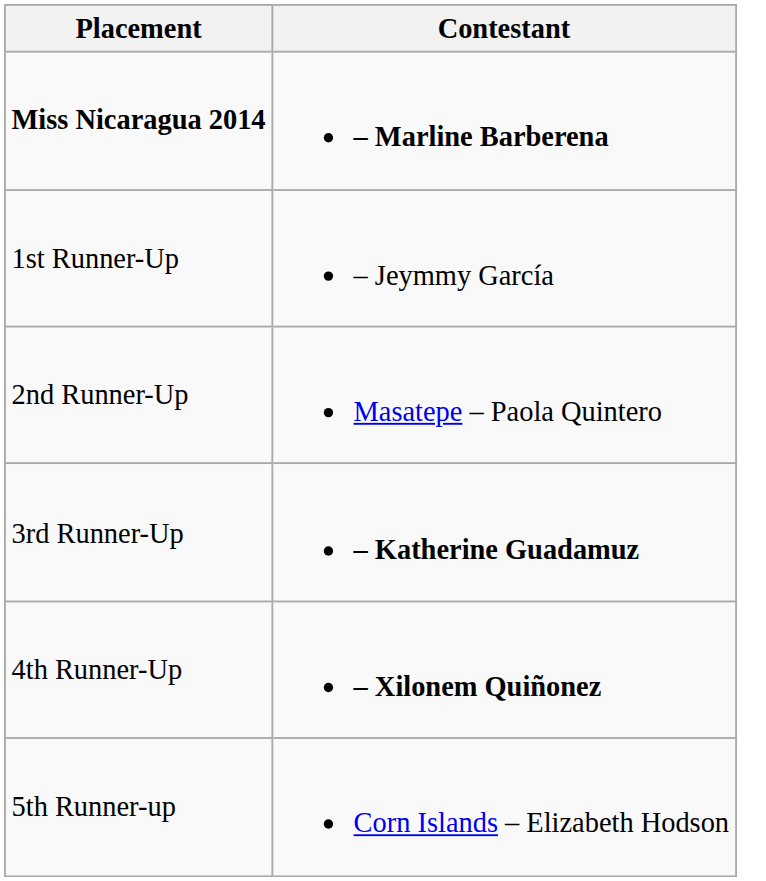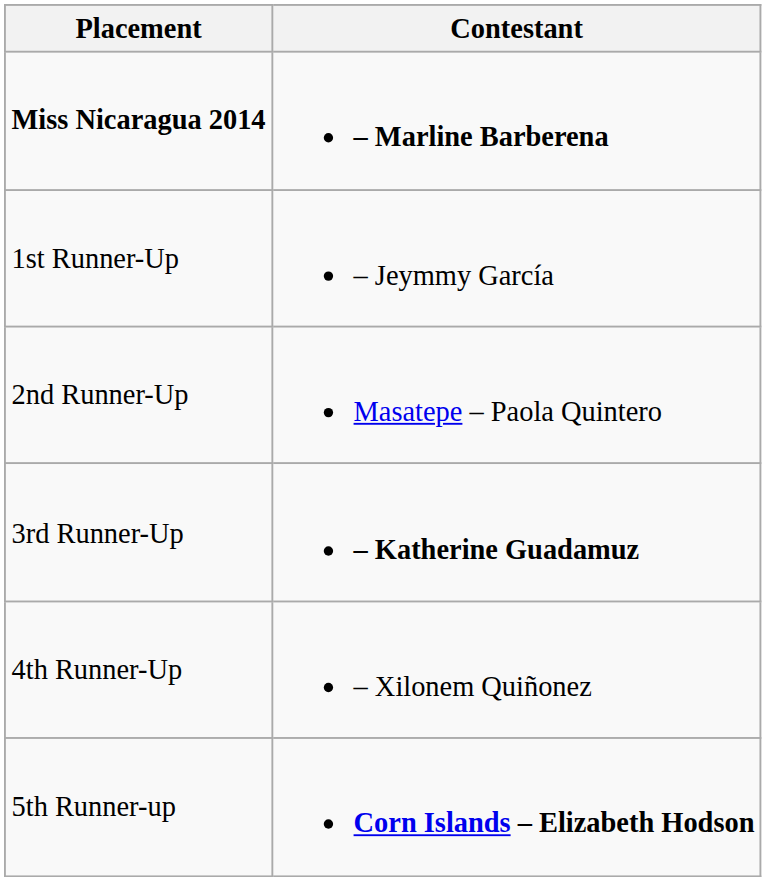 <table class="wikitable sortable" style="font-size: 95%;">
 <tr>
 <th>Placement</th>
 <th>Contestant</th>
 </tr>
 <tr>
 <td><strong>Miss Nicaragua 2014</strong></td>
 <td><br><ul><li><strong> – Marline Barberena</strong></li></ul></td>
 </tr>
 <tr>
 <td>1st Runner-Up</td>
 <td><br><ul><li> – Jeymmy García</li></ul></td>
 </tr>
 <tr>
 <td>2nd Runner-Up</td>
 <td><br><ul><li> <a href='#'>Masatepe</a> – Paola Quintero</li></ul></td>
 </tr>
 <tr>
 <td>3rd Runner-Up</td>
 <td><strong><br><ul><li> – Katherine Guadamuz</li></ul></strong></td>
 </tr>
 <tr>
 <td>4th Runner-Up</td>
-<td><strong><br><ul><li> – Xilonem Quiñonez</li></ul></strong></td>
+<td><br><ul><li> – Xilonem Quiñonez</li></ul></td>
 </tr>
 <tr>
 <td>5th Runner-up</td>
-<td><br><ul><li> <a href='#'>Corn Islands</a> – Elizabeth Hodson</li></ul></td>
+<td><strong><br><ul><li> <a href='#'>Corn Islands</a> – Elizabeth Hodson</li></ul></strong></td>
 </tr>
 </table>
